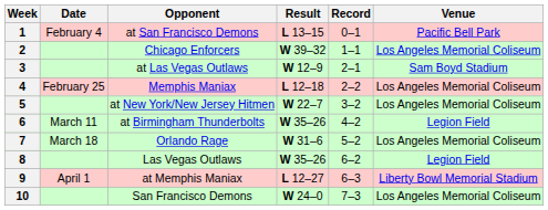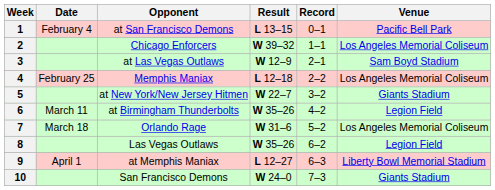 <table class="wikitable" style="text-align:center">
 <tr>
 <th>Week</th>
 <th>Date</th>
 <th>Opponent</th>
 <th>Result</th>
 <th>Record</th>
 <th>Venue</th>
 </tr>
 <tr style="background:#fcc">
 <th>1</th>
 <td>February 4</td>
 <td>at <a href='#'>San Francisco Demons</a></td>
 <td><strong>L</strong> 13–15</td>
 <td>0–1</td>
 <td><a href='#'>Pacific Bell Park</a></td>
 </tr>
 <tr style="background:#cfc">
 <th>2</th>
 <td></td>
 <td><a href='#'>Chicago Enforcers</a></td>
 <td><strong>W</strong> 39–32 </td>
 <td>1–1</td>
 <td><a href='#'>Los Angeles Memorial Coliseum</a></td>
 </tr>
 <tr style="background:#cfc">
 <th>3</th>
 <td></td>
 <td>at <a href='#'>Las Vegas Outlaws</a></td>
 <td><strong>W</strong> 12–9</td>
 <td>2–1</td>
 <td><a href='#'>Sam Boyd Stadium</a></td>
 </tr>
 <tr style="background:#fcc">
 <th>4</th>
 <td>February 25</td>
 <td><a href='#'>Memphis Maniax</a></td>
 <td><strong>L</strong> 12–18</td>
 <td>2–2</td>
 <td>Los Angeles Memorial Coliseum</td>
 </tr>
 <tr style="background:#cfc">
 <th>5</th>
 <td></td>
 <td>at <a href='#'>New York/New Jersey Hitmen</a></td>
 <td><strong>W</strong> 22–7</td>
 <td>3–2</td>
-<td>Los Angeles Memorial Coliseum</td>
+<td><a href='#'>Giants Stadium</a></td>
 </tr>
 <tr style="background:#cfc">
 <th>6</th>
 <td>March 11</td>
 <td>at <a href='#'>Birmingham Thunderbolts</a></td>
 <td><strong>W</strong> 35–26</td>
 <td>4–2</td>
 <td><a href='#'>Legion Field</a></td>
 </tr>
 <tr style="background:#cfc">
 <th>7</th>
 <td>March 18</td>
 <td><a href='#'>Orlando Rage</a></td>
 <td><strong>W</strong> 31–6</td>
 <td>5–2</td>
 <td>Los Angeles Memorial Coliseum</td>
 </tr>
 <tr style="background:#cfc">
 <th>8</th>
 <td></td>
 <td>Las Vegas Outlaws</td>
 <td><strong>W</strong> 35–26</td>
 <td>6–2</td>
 <td><a href='#'>Legion Field</a></td>
 </tr>
 <tr style="background:#fcc">
 <th>9</th>
 <td>April 1</td>
 <td>at Memphis Maniax</td>
 <td><strong>L</strong> 12–27</td>
 <td>6–3</td>
 <td><a href='#'>Liberty Bowl Memorial Stadium</a></td>
 </tr>
 <tr style="background:#cfc">
 <th>10</th>
 <td></td>
 <td>San Francisco Demons</td>
 <td><strong>W</strong> 24–0</td>
 <td>7–3</td>
-<td>Los Angeles Memorial Coliseum</td>
+<td><a href='#'>Giants Stadium</a></td>
 </tr>
 </table>
